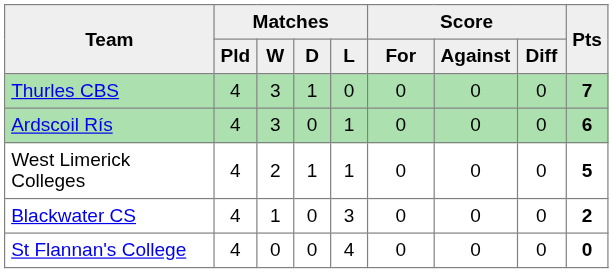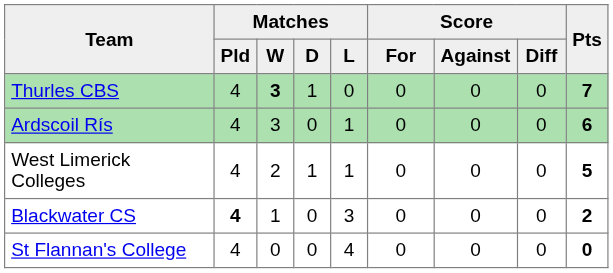 <table style=border-collapse:collapse border=1 cellspacing=0 cellpadding=5>
 <tr align=center bgcolor=#efefef>
 <th rowspan=2 width=165>Team</th>
 <th colspan=4>Matches</th>
 <th colspan=3>Score</th>
 <th rowspan=2width=20>Pts</th>
 </tr>
 <tr align=center bgcolor=#efefef>
 <th width=20>Pld</th>
 <th width=20>W</th>
 <th width=20>D</th>
 <th width=20>L</th>
 <th width=45>For</th>
 <th width=45>Against</th>
 <th width=30>Diff</th>
 </tr>
 <tr align=center style="background:#ACE1AF;">
 <td style="text-align:left;"><a href='#'>Thurles CBS</a></td>
 <td>4</td>
-<td>3</td>
+<td><strong>3</strong></td>
 <td>1</td>
 <td>0</td>
 <td>0</td>
 <td>0</td>
 <td>0</td>
 <td><strong>7</strong></td>
 </tr>
 <tr align=center style="background:#ACE1AF;">
 <td style="text-align:left;"><a href='#'>Ardscoil Rís</a></td>
 <td>4</td>
 <td>3</td>
 <td>0</td>
 <td>1</td>
 <td>0</td>
 <td>0</td>
 <td>0</td>
 <td><strong>6</strong></td>
 </tr>
 <tr align=center>
 <td style="text-align:left;">West Limerick Colleges</td>
 <td>4</td>
 <td>2</td>
 <td>1</td>
 <td>1</td>
 <td>0</td>
 <td>0</td>
 <td>0</td>
 <td><strong>5</strong></td>
 </tr>
 <tr align=center>
 <td style="text-align:left;"><a href='#'>Blackwater CS</a></td>
-<td>4</td>
+<td><strong>4</strong></td>
 <td>1</td>
 <td>0</td>
 <td>3</td>
 <td>0</td>
 <td>0</td>
 <td>0</td>
 <td><strong>2</strong></td>
 </tr>
 <tr align=center>
 <td style="text-align:left;"><a href='#'>St Flannan's College</a></td>
 <td>4</td>
 <td>0</td>
 <td>0</td>
 <td>4</td>
 <td>0</td>
 <td>0</td>
 <td>0</td>
 <td><strong>0</strong></td>
 </tr>
 </table>
